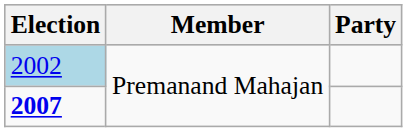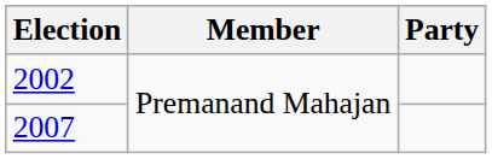 <table class="wikitable sortable">
 <tr>
 <th>Election</th>
 <th>Member</th>
 <th colspan=2>Party</th>
 </tr>
 <tr>
-<td style="background: lightblue;"><a href='#'>2002</a></td>
+<td><a href='#'>2002</a></td>
 <td rowspan=2>Premanand Mahajan</td>
 <td></td>
 </tr>
 <tr>
-<td><strong><a href='#'>2007</a></strong></td>
+<td><a href='#'>2007</a></td>
 </tr>
 </table>
